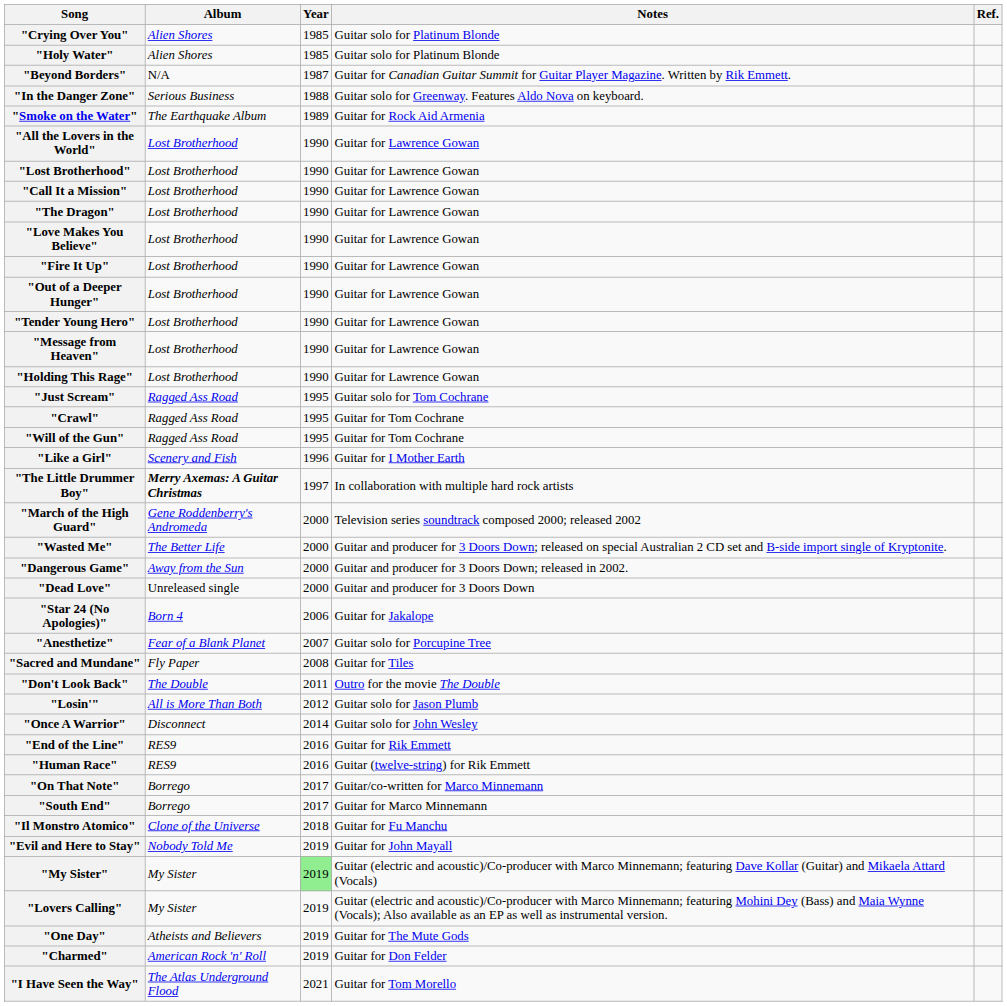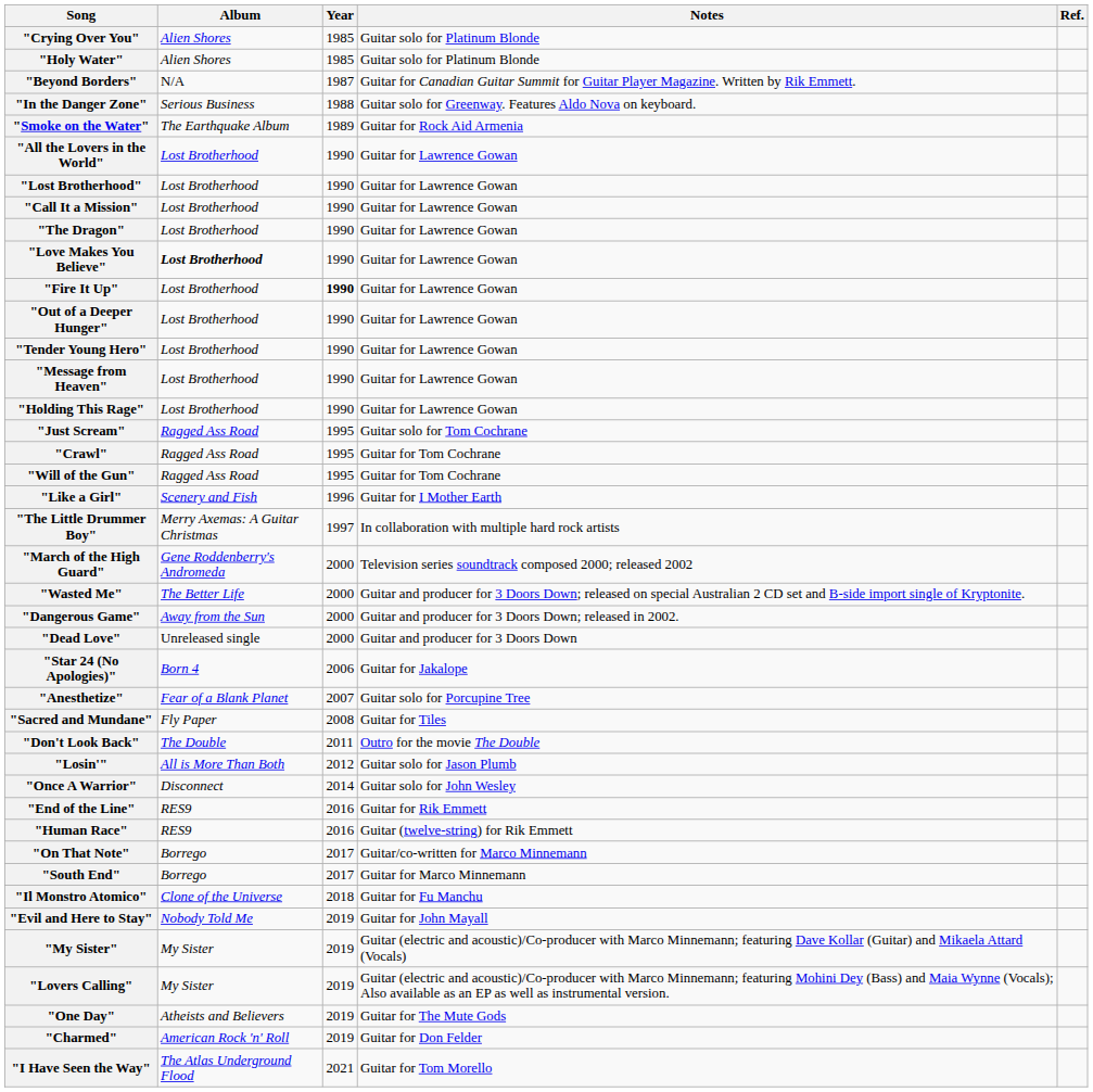 <table class="wikitable sortable plainrowheaders" style="text-align:left;">
 <tr>
 <th scope="col">Song</th>
 <th scope="col">Album</th>
 <th scope="col">Year</th>
 <th scope="col" class="unsortable">Notes</th>
 <th scope="col" class="unsortable">Ref.</th>
 </tr>
 <tr>
 <th scope="row">"Crying Over You"</th>
 <td><em><a href='#'>Alien Shores</a></em></td>
 <td>1985</td>
 <td>Guitar solo for <a href='#'>Platinum Blonde</a></td>
 <td></td>
 </tr>
 <tr>
 <th scope="row">"Holy Water"</th>
 <td><em>Alien Shores</em></td>
 <td>1985</td>
 <td>Guitar solo for Platinum Blonde</td>
 <td></td>
 </tr>
 <tr>
 <th scope="row">"Beyond Borders"</th>
 <td>N/A</td>
 <td>1987</td>
 <td>Guitar for <em>Canadian Guitar Summit</em> for <a href='#'>Guitar Player Magazine</a>. Written by <a href='#'>Rik Emmett</a>.</td>
 <td></td>
 </tr>
 <tr>
 <th scope="row">"In the Danger Zone"</th>
 <td><em>Serious Business</em></td>
 <td>1988</td>
 <td>Guitar solo for <a href='#'>Greenway</a>. Features <a href='#'>Aldo Nova</a> on keyboard.</td>
 <td></td>
 </tr>
 <tr>
 <th scope="row">"<a href='#'>Smoke on the Water</a>"</th>
 <td><em>The Earthquake Album</em></td>
 <td>1989</td>
 <td>Guitar for <a href='#'>Rock Aid Armenia</a></td>
 <td></td>
 </tr>
 <tr>
 <th scope="row">"All the Lovers in the World"</th>
 <td><em><a href='#'>Lost Brotherhood</a></em></td>
 <td>1990</td>
 <td>Guitar for <a href='#'>Lawrence Gowan</a></td>
 <td></td>
 </tr>
 <tr>
 <th scope="row">"Lost Brotherhood"</th>
 <td><em>Lost Brotherhood</em></td>
 <td>1990</td>
 <td>Guitar for Lawrence Gowan</td>
 <td></td>
 </tr>
 <tr>
 <th scope="row">"Call It a Mission"</th>
 <td><em>Lost Brotherhood</em></td>
 <td>1990</td>
 <td>Guitar for Lawrence Gowan</td>
 <td></td>
 </tr>
 <tr>
 <th scope="row">"The Dragon"</th>
 <td><em>Lost Brotherhood</em></td>
 <td>1990</td>
 <td>Guitar for Lawrence Gowan</td>
 <td></td>
 </tr>
 <tr>
 <th scope="row">"Love Makes You Believe"</th>
-<td><em>Lost Brotherhood</em></td>
+<td><strong><em>Lost Brotherhood</em></strong></td>
 <td>1990</td>
 <td>Guitar for Lawrence Gowan</td>
 <td></td>
 </tr>
 <tr>
 <th scope="row">"Fire It Up"</th>
 <td><em>Lost Brotherhood</em></td>
-<td>1990</td>
+<td><strong>1990</strong></td>
 <td>Guitar for Lawrence Gowan</td>
 <td></td>
 </tr>
 <tr>
 <th scope="row">"Out of a Deeper Hunger"</th>
 <td><em>Lost Brotherhood</em></td>
 <td>1990</td>
 <td>Guitar for Lawrence Gowan</td>
 <td></td>
 </tr>
 <tr>
 <th scope="row">"Tender Young Hero"</th>
 <td><em>Lost Brotherhood</em></td>
 <td>1990</td>
 <td>Guitar for Lawrence Gowan</td>
 <td></td>
 </tr>
 <tr>
 <th scope="row">"Message from Heaven"</th>
 <td><em>Lost Brotherhood</em></td>
 <td>1990</td>
 <td>Guitar for Lawrence Gowan</td>
 <td></td>
 </tr>
 <tr>
 <th scope="row">"Holding This Rage"</th>
 <td><em>Lost Brotherhood</em></td>
 <td>1990</td>
 <td>Guitar for Lawrence Gowan</td>
 <td></td>
 </tr>
 <tr>
 <th scope="row">"Just Scream"</th>
 <td><em><a href='#'>Ragged Ass Road</a></em></td>
 <td>1995</td>
 <td>Guitar solo for <a href='#'>Tom Cochrane</a></td>
 <td></td>
 </tr>
 <tr>
 <th scope="row">"Crawl"</th>
 <td><em>Ragged Ass Road</em></td>
 <td>1995</td>
 <td>Guitar for Tom Cochrane</td>
 <td></td>
 </tr>
 <tr>
 <th scope="row">"Will of the Gun"</th>
 <td><em>Ragged Ass Road</em></td>
 <td>1995</td>
 <td>Guitar for Tom Cochrane</td>
 <td></td>
 </tr>
 <tr>
 <th scope="row">"Like a Girl"</th>
 <td><em><a href='#'>Scenery and Fish</a></em></td>
 <td>1996</td>
 <td>Guitar for <a href='#'>I Mother Earth</a></td>
 <td></td>
 </tr>
 <tr>
 <th scope="row">"The Little Drummer Boy"</th>
-<td><strong><em>Merry Axemas: A Guitar Christmas</em></strong></td>
+<td><em>Merry Axemas: A Guitar Christmas</em></td>
 <td>1997</td>
 <td>In collaboration with multiple hard rock artists</td>
 <td></td>
 </tr>
 <tr>
 <th scope="row">"March of the High Guard"</th>
 <td><em><a href='#'>Gene Roddenberry's Andromeda</a></em></td>
 <td>2000</td>
 <td>Television series <a href='#'>soundtrack</a> composed 2000; released 2002</td>
 <td></td>
 </tr>
 <tr>
 <th scope="row">"Wasted Me"</th>
 <td><em><a href='#'>The Better Life</a></em></td>
 <td>2000</td>
 <td>Guitar and producer for <a href='#'>3 Doors Down</a>; released on special Australian 2 CD set and  <a href='#'>B-side import single of Kryptonite</a>.</td>
 <td></td>
 </tr>
 <tr>
 <th scope="row">"Dangerous Game"</th>
 <td><em><a href='#'>Away from the Sun</a></em></td>
 <td>2000</td>
 <td>Guitar and producer for 3 Doors Down; released in 2002.</td>
 <td></td>
 </tr>
 <tr>
 <th scope="row">"Dead Love"</th>
 <td>Unreleased single</td>
 <td>2000</td>
 <td>Guitar and producer for 3 Doors Down</td>
 <td></td>
 </tr>
 <tr>
 <th scope="row">"Star 24 (No Apologies)"</th>
 <td><em><a href='#'>Born 4</a></em></td>
 <td>2006</td>
 <td>Guitar for <a href='#'>Jakalope</a></td>
 <td></td>
 </tr>
 <tr>
 <th scope="row">"Anesthetize"</th>
 <td><em><a href='#'>Fear of a Blank Planet</a></em></td>
 <td>2007</td>
 <td>Guitar solo for <a href='#'>Porcupine Tree</a></td>
 <td></td>
 </tr>
 <tr>
 <th scope="row">"Sacred and Mundane"</th>
 <td><em>Fly Paper</em></td>
 <td>2008</td>
 <td>Guitar for <a href='#'>Tiles</a></td>
 <td></td>
 </tr>
 <tr>
 <th scope="row">"Don't Look Back"</th>
 <td><em><a href='#'>The Double</a></em></td>
 <td>2011</td>
 <td><a href='#'>Outro</a> for the movie <em><a href='#'>The Double</a></em></td>
 <td></td>
 </tr>
 <tr>
 <th scope="row">"Losin'"</th>
 <td><em><a href='#'>All is More Than Both</a></em></td>
 <td>2012</td>
 <td>Guitar solo for <a href='#'>Jason Plumb</a></td>
 <td></td>
 </tr>
 <tr>
 <th scope="row">"Once A Warrior"</th>
 <td><em>Disconnect</em></td>
 <td>2014</td>
 <td>Guitar solo for <a href='#'>John Wesley</a></td>
 <td></td>
 </tr>
 <tr>
 <th scope="row">"End of the Line"</th>
 <td><em>RES9</em></td>
 <td>2016</td>
 <td>Guitar for <a href='#'>Rik Emmett</a></td>
 <td></td>
 </tr>
 <tr>
 <th scope="row">"Human Race"</th>
 <td><em>RES9</em></td>
 <td>2016</td>
 <td>Guitar (<a href='#'>twelve-string</a>) for Rik Emmett</td>
 <td></td>
 </tr>
 <tr>
 <th scope="row">"On That Note"</th>
 <td><em>Borrego</em></td>
 <td>2017</td>
 <td>Guitar/co-written for <a href='#'>Marco Minnemann</a></td>
 <td></td>
 </tr>
 <tr>
 <th scope="row">"South End"</th>
 <td><em>Borrego</em></td>
 <td>2017</td>
 <td>Guitar for Marco Minnemann</td>
 <td></td>
 </tr>
 <tr>
 <th scope="row">"Il Monstro Atomico"</th>
 <td><em><a href='#'>Clone of the Universe</a></em></td>
 <td>2018</td>
 <td>Guitar for <a href='#'>Fu Manchu</a></td>
 <td></td>
 </tr>
 <tr>
 <th scope="row">"Evil and Here to Stay"</th>
 <td><em><a href='#'>Nobody Told Me</a></em></td>
 <td>2019</td>
 <td>Guitar for <a href='#'>John Mayall</a></td>
 <td></td>
 </tr>
 <tr>
 <th scope="row">"My Sister"</th>
 <td><em>My Sister</em></td>
-<td style="background: lightgreen;">2019</td>
+<td>2019</td>
 <td>Guitar (electric and acoustic)/Co-producer with Marco Minnemann; featuring <a href='#'>Dave Kollar</a> (Guitar) and <a href='#'>Mikaela Attard</a> (Vocals)</td>
 <td></td>
 </tr>
 <tr>
 <th scope="row">"Lovers Calling"</th>
 <td><em>My Sister</em></td>
 <td>2019</td>
 <td>Guitar (electric and acoustic)/Co-producer with Marco Minnemann; featuring <a href='#'>Mohini Dey</a> (Bass) and <a href='#'>Maia Wynne</a> (Vocals); Also available as an EP as well as instrumental version.</td>
 <td></td>
 </tr>
 <tr>
 <th scope="row">"One Day"</th>
 <td><em>Atheists and Believers</em></td>
 <td>2019</td>
 <td>Guitar for <a href='#'>The Mute Gods</a></td>
 <td></td>
 </tr>
 <tr>
 <th scope="row">"Charmed"</th>
 <td><em><a href='#'>American Rock 'n' Roll</a></em></td>
 <td>2019</td>
 <td>Guitar for <a href='#'>Don Felder</a></td>
 <td></td>
 </tr>
 <tr>
 <th scope="row">"I Have Seen the Way"</th>
 <td><em><a href='#'>The Atlas Underground Flood</a></em></td>
 <td>2021</td>
 <td>Guitar for <a href='#'>Tom Morello</a></td>
 <td></td>
 </tr>
 </table>
